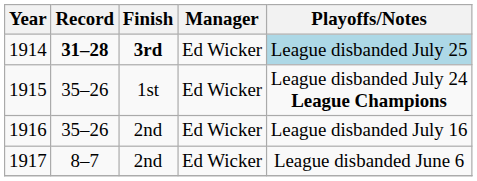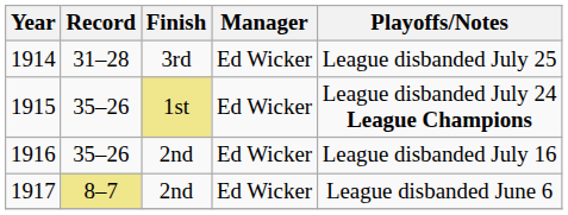 <table class="wikitable" style="text-align:center">
 <tr>
 <th>Year</th>
 <th>Record</th>
 <th>Finish</th>
 <th>Manager</th>
 <th>Playoffs/Notes</th>
 </tr>
 <tr>
 <td>1914</td>
-<td><strong>31–28</strong></td>
-<td><strong>3rd</strong></td>
+<td>31–28</td>
+<td>3rd</td>
 <td>Ed Wicker</td>
-<td style="background: lightblue;">League disbanded July 25</td>
+<td>League disbanded July 25</td>
 </tr>
 <tr>
 <td>1915</td>
 <td>35–26</td>
-<td>1st</td>
+<td style="background: khaki;">1st</td>
 <td>Ed Wicker</td>
 <td>League disbanded July 24<br><strong>League Champions</strong></td>
 </tr>
 <tr>
 <td>1916</td>
 <td>35–26</td>
 <td>2nd</td>
 <td>Ed Wicker</td>
 <td>League disbanded July 16</td>
 </tr>
 <tr>
 <td>1917</td>
-<td>8–7</td>
+<td style="background: khaki;">8–7</td>
 <td>2nd</td>
 <td>Ed Wicker</td>
 <td>League disbanded June 6</td>
 </tr>
 <tr>
 </tr>
 </table>
